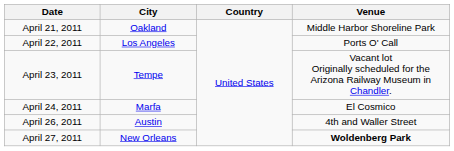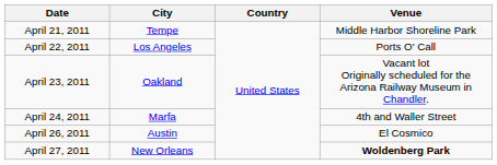 <table class="wikitable" style="text-align:center;">
 <tr>
 <th style="width:150px;">Date</th>
 <th style="width:150px;">City</th>
 <th style="width:150px;">Country</th>
 <th style="width:250px;">Venue</th>
 </tr>
 <tr>
 <td>April 21, 2011</td>
-<td><a href='#'>Oakland</a></td>
+<td><a href='#'>Tempe</a></td>
 <td rowspan="6"><a href='#'>United States</a></td>
 <td>Middle Harbor Shoreline Park</td>
 </tr>
 <tr>
 <td>April 22, 2011</td>
 <td><a href='#'>Los Angeles</a></td>
 <td>Ports O' Call</td>
 </tr>
 <tr>
 <td>April 23, 2011</td>
-<td><a href='#'>Tempe</a></td>
+<td><a href='#'>Oakland</a></td>
 <td>Vacant lot<br>Originally scheduled for the Arizona Railway Museum in <a href='#'>Chandler</a>.</td>
 </tr>
 <tr>
 <td>April 24, 2011</td>
 <td><a href='#'>Marfa</a></td>
-<td>El Cosmico</td>
+<td>4th and Waller Street</td>
 </tr>
 <tr>
 <td>April 26, 2011</td>
 <td><a href='#'>Austin</a></td>
-<td>4th and Waller Street</td>
+<td>El Cosmico</td>
 </tr>
 <tr>
 <td>April 27, 2011</td>
 <td><a href='#'>New Orleans</a></td>
 <td><strong>Woldenberg Park</strong></td>
 </tr>
 </table>
